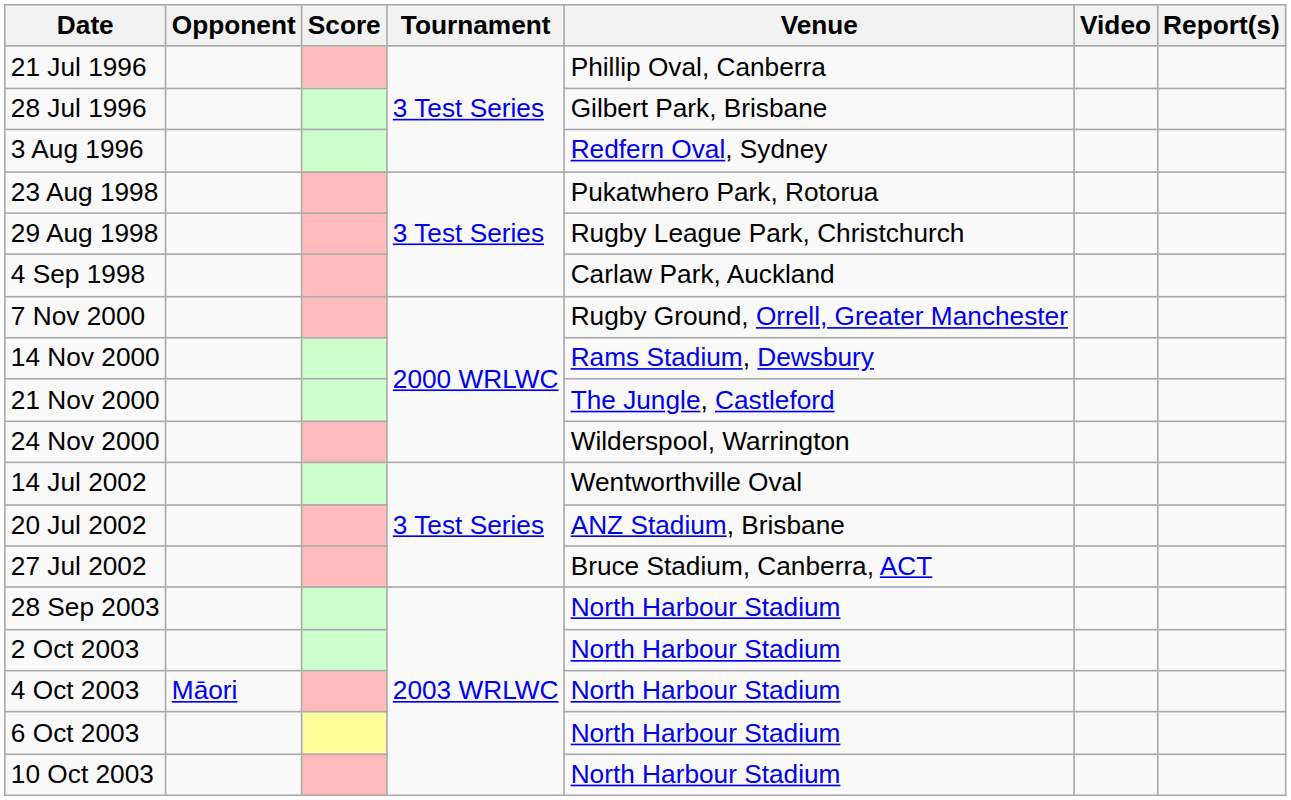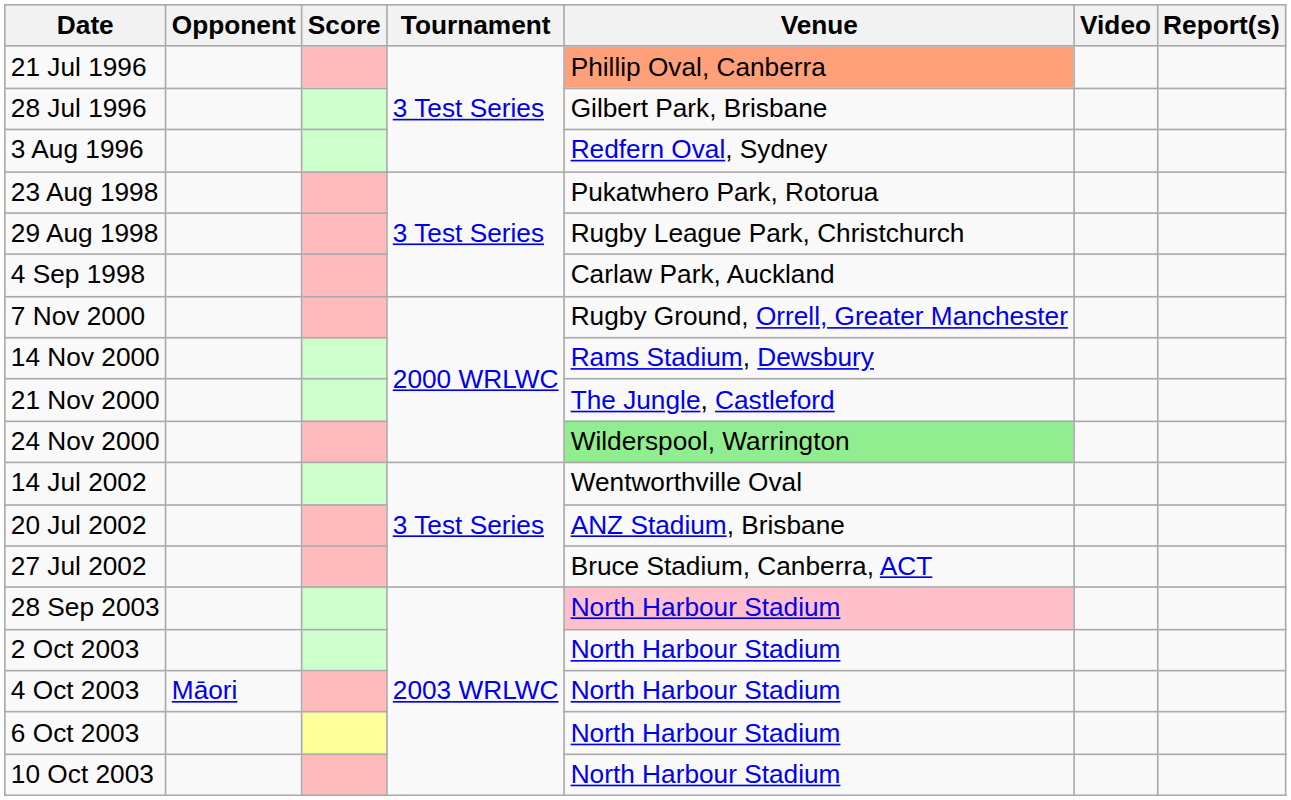 <table class=wikitable>
 <tr>
 <th>Date</th>
 <th>Opponent</th>
 <th>Score</th>
 <th>Tournament</th>
 <th>Venue</th>
 <th>Video</th>
 <th>Report(s)</th>
 </tr>
 <tr>
 <td>21 Jul 1996</td>
 <td></td>
 <td bgcolor="#FFBBBB"></td>
 <td rowspan=3><a href='#'>3 Test Series</a></td>
-<td> Phillip Oval, Canberra</td>
+<td style="background: lightsalmon;"> Phillip Oval, Canberra</td>
 <td align=center></td>
 <td align=center></td>
 </tr>
 <tr>
 <td>28 Jul 1996</td>
 <td></td>
 <td bgcolor="#CCFFCC"></td>
 <td> Gilbert Park, Brisbane</td>
 <td align=center></td>
 <td align=center></td>
 </tr>
 <tr>
 <td>3 Aug 1996</td>
 <td></td>
 <td bgcolor="#CCFFCC"></td>
 <td> <a href='#'>Redfern Oval</a>, Sydney</td>
 <td align=center></td>
 <td align=center></td>
 </tr>
 <tr>
 <td>23 Aug 1998</td>
 <td></td>
 <td bgcolor="#FFBBBB"></td>
 <td rowspan=3><a href='#'>3 Test Series</a></td>
 <td> Pukatwhero Park, Rotorua</td>
 <td align=center></td>
 <td align=center></td>
 </tr>
 <tr>
 <td>29 Aug 1998</td>
 <td></td>
 <td bgcolor="#FFBBBB"></td>
 <td> Rugby League Park, Christchurch</td>
 <td align=center></td>
 <td align=center></td>
 </tr>
 <tr>
 <td>4 Sep 1998</td>
 <td></td>
 <td bgcolor="#FFBBBB"></td>
 <td> Carlaw Park, Auckland</td>
 <td align=center></td>
 <td align=center></td>
 </tr>
 <tr>
 <td>7 Nov 2000</td>
 <td></td>
 <td bgcolor="#FFBBBB"></td>
 <td rowspan=4><a href='#'>2000 WRLWC</a></td>
 <td> Rugby Ground, <a href='#'>Orrell, Greater Manchester</a></td>
 <td align=center></td>
 <td align=center></td>
 </tr>
 <tr>
 <td>14 Nov 2000</td>
 <td></td>
 <td bgcolor="#CCFFCC"></td>
 <td> <a href='#'>Rams Stadium</a>, <a href='#'>Dewsbury</a></td>
 <td align=center></td>
 <td align=center></td>
 </tr>
 <tr>
 <td>21 Nov 2000</td>
 <td></td>
 <td bgcolor="#CCFFCC"></td>
 <td> <a href='#'>The Jungle</a>, <a href='#'>Castleford</a></td>
 <td align=center></td>
 <td align=center></td>
 </tr>
 <tr>
 <td>24 Nov 2000</td>
 <td></td>
 <td bgcolor="#FFBBBB"></td>
-<td> Wilderspool, Warrington</td>
+<td style="background: lightgreen;"> Wilderspool, Warrington</td>
 <td align=center></td>
 <td align=center></td>
 </tr>
 <tr>
 <td>14 Jul 2002</td>
 <td></td>
 <td bgcolor="#CCFFCC"></td>
 <td rowspan=3><a href='#'>3 Test Series</a></td>
 <td> Wentworthville Oval</td>
 <td align=center></td>
 <td align=center></td>
 </tr>
 <tr>
 <td>20 Jul 2002</td>
 <td></td>
 <td bgcolor="#FFBBBB"></td>
 <td> <a href='#'>ANZ Stadium</a>, Brisbane</td>
 <td align=center></td>
 <td align=center></td>
 </tr>
 <tr>
 <td>27 Jul 2002</td>
 <td></td>
 <td bgcolor="#FFBBBB"></td>
 <td> Bruce Stadium, Canberra, <a href='#'>ACT</a></td>
 <td align=center></td>
 <td align=center></td>
 </tr>
 <tr>
 <td>28 Sep 2003</td>
 <td></td>
 <td bgcolor="#CCFFCC"></td>
 <td rowspan=5><a href='#'>2003 WRLWC</a></td>
-<td> <a href='#'>North Harbour Stadium</a></td>
+<td style="background: pink;"> <a href='#'>North Harbour Stadium</a></td>
 <td align=center></td>
 <td align=center></td>
 </tr>
 <tr>
 <td>2 Oct 2003</td>
 <td></td>
 <td bgcolor="#CCFFCC"></td>
 <td> <a href='#'>North Harbour Stadium</a></td>
 <td align=center></td>
 <td align=center></td>
 </tr>
 <tr>
 <td>4 Oct 2003</td>
 <td> <a href='#'>Māori</a></td>
 <td bgcolor="#FFBBBB"></td>
 <td> <a href='#'>North Harbour Stadium</a></td>
 <td align=center></td>
 <td align=center></td>
 </tr>
 <tr>
 <td>6 Oct 2003</td>
 <td></td>
 <td bgcolor="#FFFF99"></td>
 <td> <a href='#'>North Harbour Stadium</a></td>
 <td align=center></td>
 <td align=center></td>
 </tr>
 <tr>
 <td>10 Oct 2003</td>
 <td></td>
 <td bgcolor="#FFBBBB"></td>
 <td> <a href='#'>North Harbour Stadium</a></td>
 <td align=center></td>
 <td align=center></td>
 </tr>
 </table>
